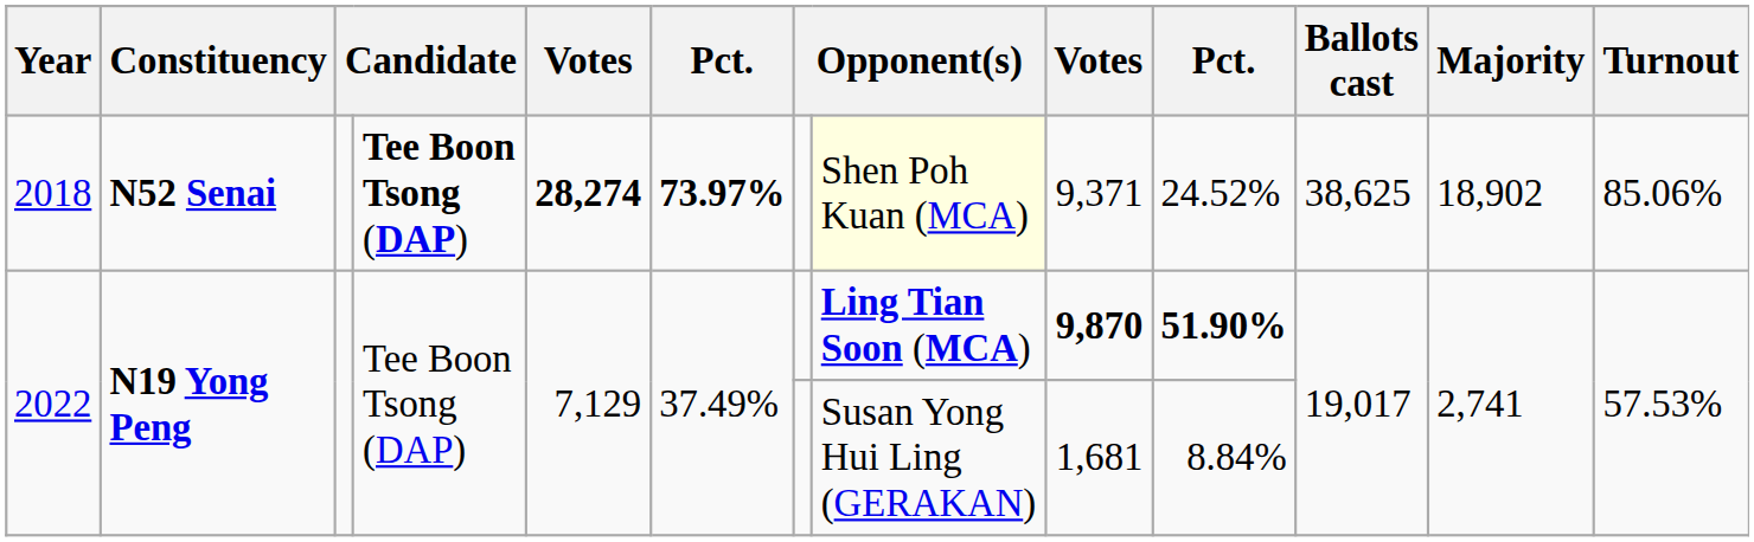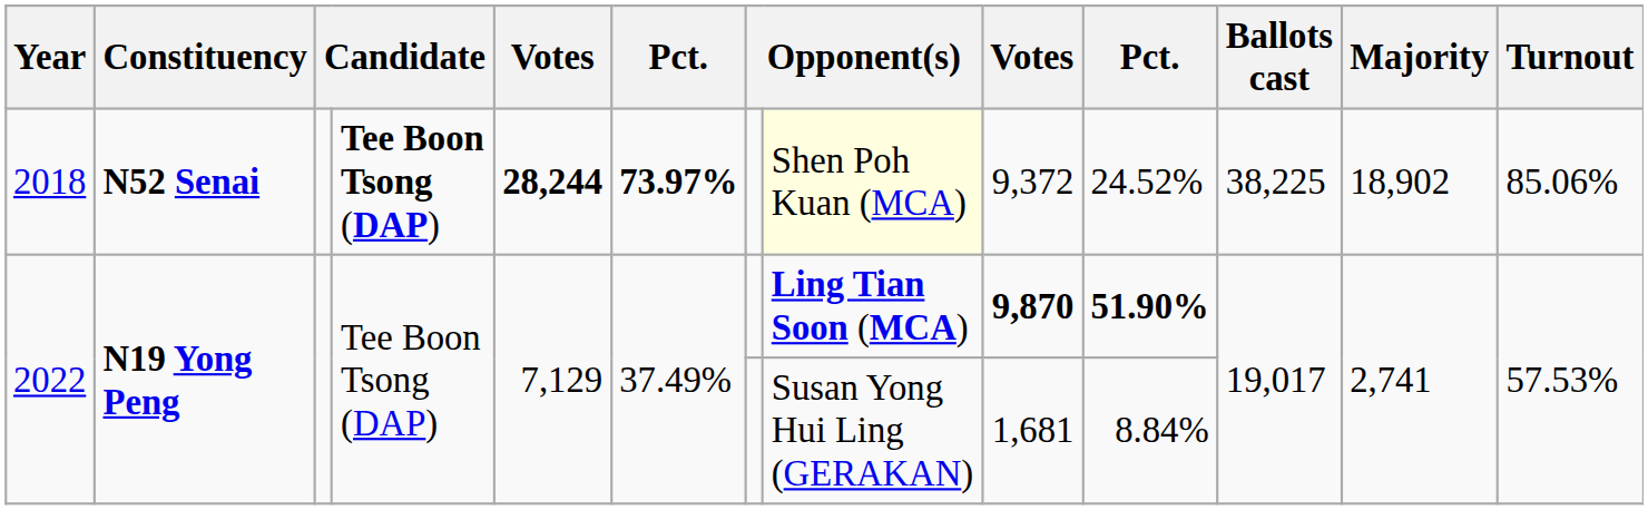 <table class="wikitable" style="margin:0.5em ; font-size:95%">
 <tr>
 <th>Year</th>
 <th>Constituency</th>
 <th colspan="2">Candidate</th>
 <th>Votes</th>
 <th>Pct.</th>
 <th colspan="2">Opponent(s)</th>
 <th>Votes</th>
 <th>Pct.</th>
 <th>Ballots cast</th>
 <th>Majority</th>
 <th>Turnout</th>
 </tr>
 <tr>
 <td><a href='#'>2018</a></td>
 <td><strong>N52 <a href='#'>Senai</a></strong></td>
 <td></td>
 <td><strong>Tee Boon Tsong</strong> (<a href='#'><strong>DAP</strong></a>)</td>
-<td align=right><strong>28,274</strong></td>
+<td align=right><strong>28,244</strong></td>
 <td><strong>73.97%</strong></td>
 <td></td>
 <td style="background: lightyellow;">Shen Poh Kuan (<a href='#'>MCA</a>)</td>
-<td align=right>9,371</td>
+<td align=right>9,372</td>
 <td>24.52%</td>
-<td>38,625</td>
+<td>38,225</td>
 <td>18,902</td>
 <td>85.06%</td>
 </tr>
 <tr>
 <td rowspan=2><a href='#'>2022</a></td>
 <td rowspan=2><strong>N19 <a href='#'>Yong Peng</a></strong></td>
 <td rowspan=2 ></td>
 <td rowspan=2>Tee Boon Tsong (<a href='#'>DAP</a>)</td>
 <td rowspan=2 align=right>7,129</td>
 <td rowspan=2>37.49%</td>
 <td></td>
 <td><strong><a href='#'>Ling Tian Soon</a></strong> (<a href='#'><strong>MCA</strong></a>)</td>
 <td align=right><strong>9,870</strong></td>
 <td><strong>51.90%</strong></td>
 <td rowspan=2>19,017</td>
 <td rowspan=2>2,741</td>
 <td rowspan=2>57.53%</td>
 </tr>
 <tr>
 <td></td>
 <td>Susan Yong Hui Ling (<a href='#'>GERAKAN</a>)</td>
 <td align=right>1,681</td>
 <td align=right>8.84%</td>
 </tr>
 </table>
